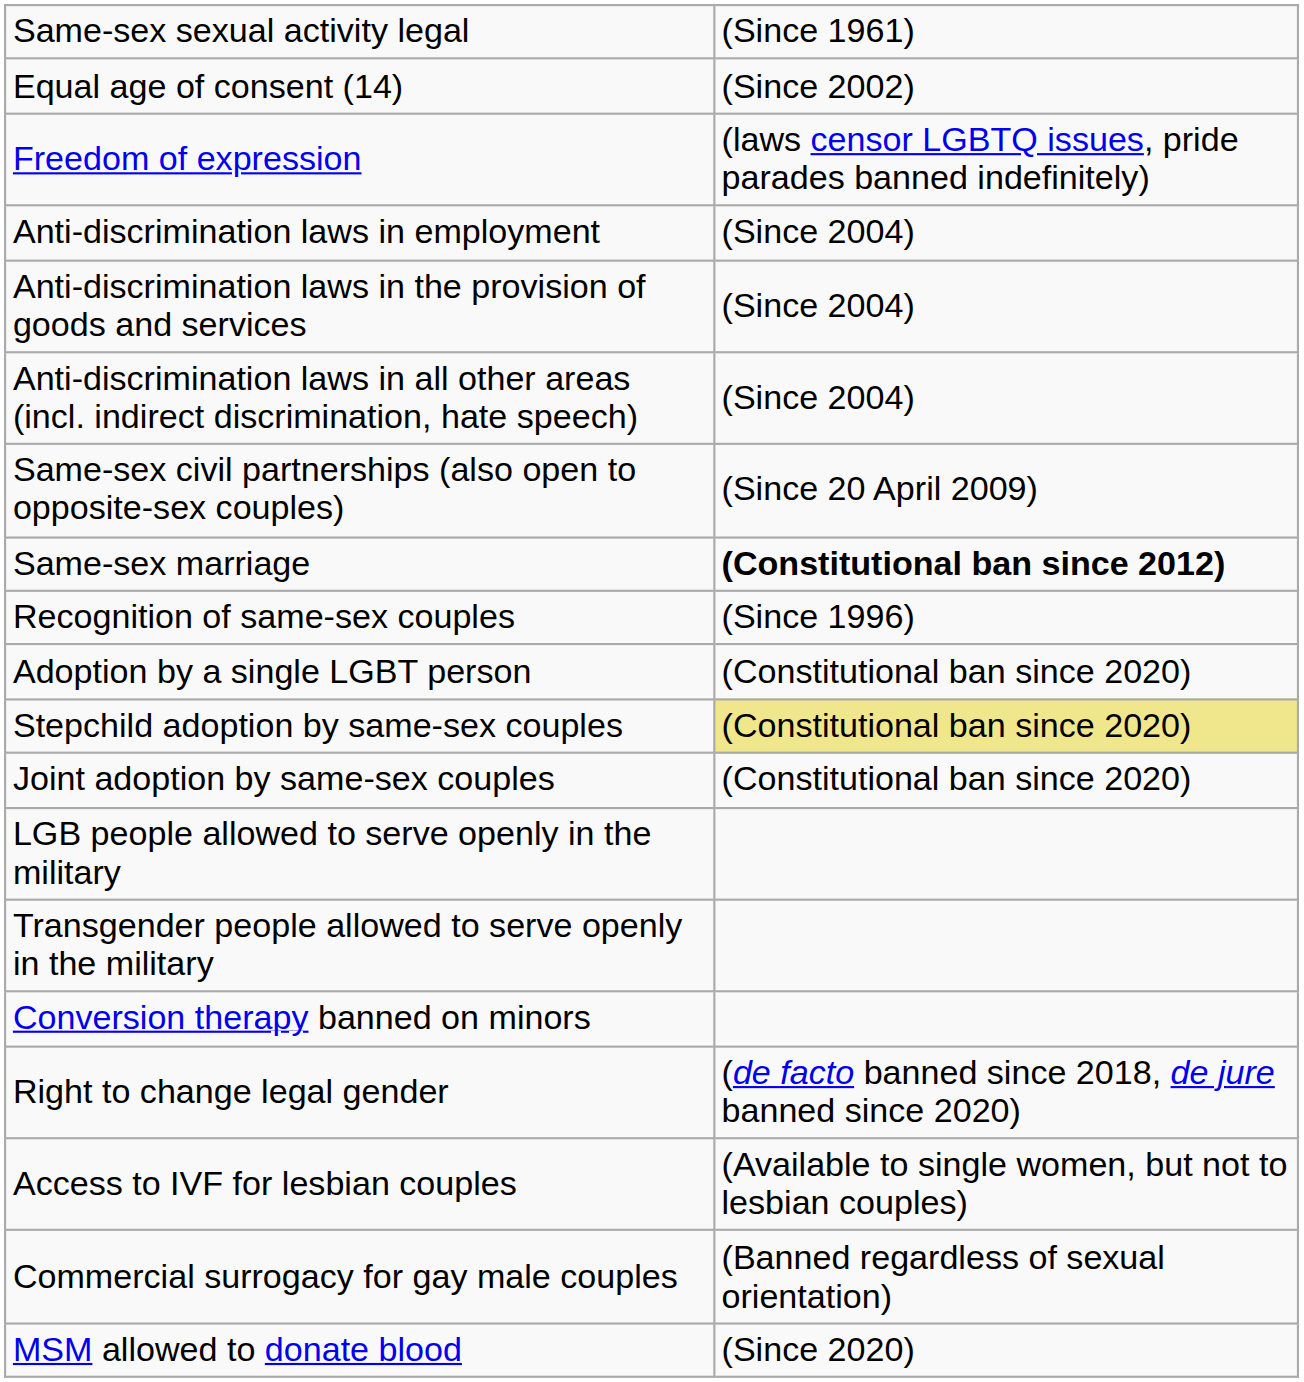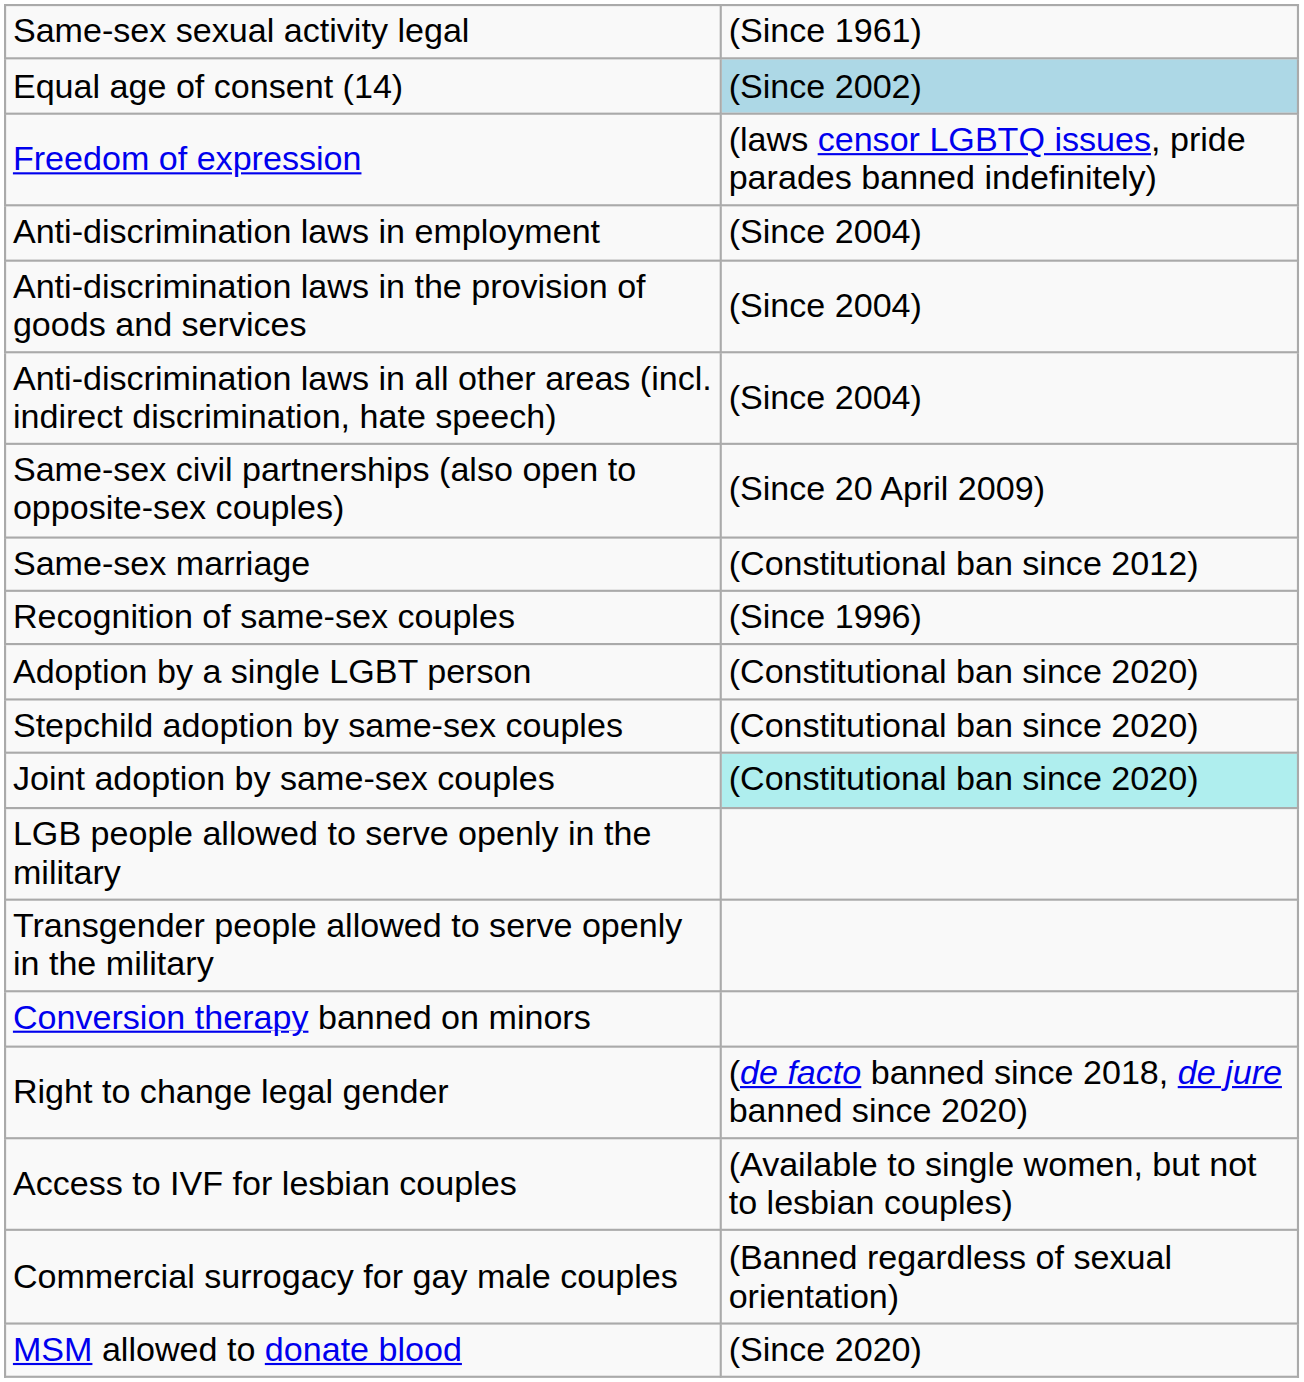 <table class="wikitable">
 <tr>
 <td>Same-sex sexual activity legal</td>
 <td> (Since 1961)</td>
 </tr>
 <tr>
 <td>Equal age of consent (14)</td>
-<td> (Since 2002)</td>
+<td style="background: lightblue;"> (Since 2002)</td>
 </tr>
 <tr>
 <td><a href='#'>Freedom of expression</a></td>
 <td> (laws <a href='#'>censor LGBTQ issues</a>, pride parades banned indefinitely)</td>
 </tr>
 <tr>
 <td>Anti-discrimination laws in employment</td>
 <td> (Since 2004)</td>
 </tr>
 <tr>
 <td>Anti-discrimination laws in the provision of goods and services</td>
 <td> (Since 2004)</td>
 </tr>
 <tr>
 <td>Anti-discrimination laws in all other areas (incl. indirect discrimination, hate speech)</td>
 <td> (Since 2004)</td>
 </tr>
 <tr>
 <td>Same-sex civil partnerships (also open to opposite-sex couples)</td>
 <td> (Since 20 April 2009)</td>
 </tr>
 <tr>
 <td>Same-sex marriage</td>
-<td><strong> (Constitutional ban since 2012)</strong></td>
+<td> (Constitutional ban since 2012)</td>
 </tr>
 <tr>
 <td>Recognition of same-sex couples</td>
 <td> (Since 1996)</td>
 </tr>
 <tr>
 <td>Adoption by a single LGBT person</td>
 <td> (Constitutional ban since 2020)</td>
 </tr>
 <tr>
 <td>Stepchild adoption by same-sex couples</td>
-<td style="background: khaki;"> (Constitutional ban since 2020)</td>
+<td> (Constitutional ban since 2020)</td>
 </tr>
 <tr>
 <td>Joint adoption by same-sex couples</td>
-<td> (Constitutional ban since 2020)</td>
+<td style="background: paleturquoise;"> (Constitutional ban since 2020)</td>
 </tr>
 <tr>
 <td>LGB people allowed to serve openly in the military</td>
 <td></td>
 </tr>
 <tr>
 <td>Transgender people allowed to serve openly in the military</td>
 <td></td>
 </tr>
 <tr>
 <td><a href='#'>Conversion therapy</a> banned on minors</td>
 <td></td>
 </tr>
 <tr>
 <td>Right to change legal gender</td>
 <td> (<em><a href='#'>de facto</a></em> banned since 2018, <em><a href='#'>de jure</a></em> banned since 2020)</td>
 </tr>
 <tr>
 <td>Access to IVF for lesbian couples</td>
 <td> (Available to single women, but not to lesbian couples)</td>
 </tr>
 <tr>
 <td>Commercial surrogacy for gay male couples</td>
 <td> (Banned regardless of sexual orientation)</td>
 </tr>
 <tr>
 <td><a href='#'>MSM</a> allowed to <a href='#'>donate blood</a></td>
 <td> (Since 2020)</td>
 </tr>
 </table>
